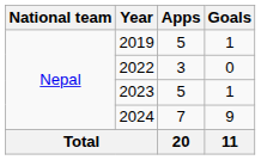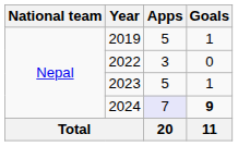 <table class="wikitable" style="text-align:center">
 <tr>
 <th>National team</th>
 <th>Year</th>
 <th>Apps</th>
 <th>Goals</th>
 </tr>
 <tr>
 <td rowspan="4"><a href='#'>Nepal</a></td>
 <td>2019</td>
 <td>5</td>
 <td>1</td>
 </tr>
 <tr>
 <td>2022</td>
 <td>3</td>
 <td>0</td>
 </tr>
 <tr>
 <td>2023</td>
 <td>5</td>
 <td>1</td>
 </tr>
 <tr>
 <td>2024</td>
-<td>7</td>
-<td>9</td>
+<td style="background: lavender;">7</td>
+<td><strong>9</strong></td>
 </tr>
 <tr>
 <th colspan="2">Total</th>
 <th>20</th>
 <th>11</th>
 </tr>
 </table>
